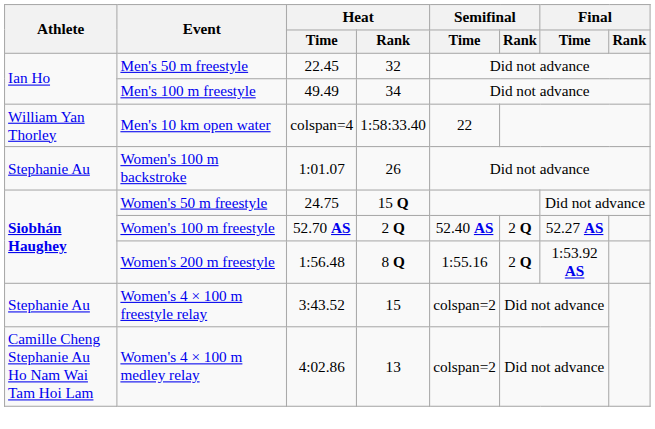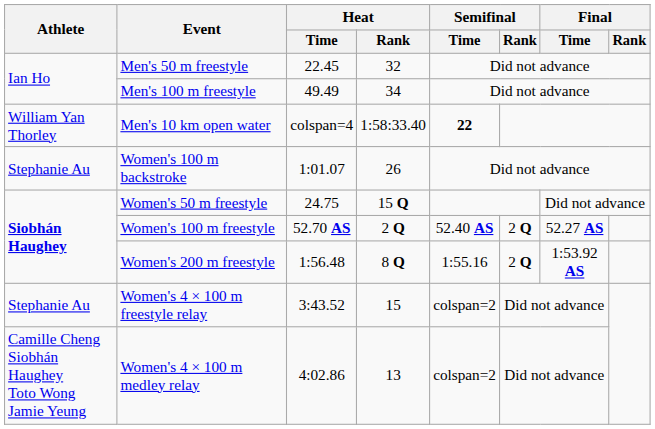 <table class=wikitable style="font-size:90%">
 <tr>
 <th rowspan="2">Athlete</th>
 <th rowspan="2">Event</th>
 <th colspan="2">Heat</th>
 <th colspan="2">Semifinal</th>
 <th colspan="2">Final</th>
 </tr>
 <tr style="font-size:95%">
 <th>Time</th>
 <th>Rank</th>
 <th>Time</th>
 <th>Rank</th>
 <th>Time</th>
 <th>Rank</th>
 </tr>
 <tr align=center>
 <td align=left rowspan=2><a href='#'>Ian Ho</a></td>
 <td align=left><a href='#'>Men's 50 m freestyle</a></td>
 <td>22.45</td>
 <td>32</td>
 <td colspan="4">Did not advance</td>
 </tr>
 <tr align=center>
 <td align=left><a href='#'>Men's 100 m freestyle</a></td>
 <td>49.49</td>
 <td>34</td>
 <td colspan="4">Did not advance</td>
 </tr>
 <tr align=center>
 <td align=left><a href='#'>William Yan Thorley</a></td>
 <td align=left><a href='#'>Men's 10 km open water</a></td>
 <td>colspan=4 </td>
 <td>1:58:33.40</td>
-<td>22</td>
+<td><strong>22</strong></td>
 </tr>
 <tr align=center>
 <td align=left><a href='#'>Stephanie Au</a></td>
 <td align=left><a href='#'>Women's 100 m backstroke</a></td>
 <td>1:01.07</td>
 <td>26</td>
 <td colspan="4">Did not advance</td>
 </tr>
 <tr align=center>
 <td align=left rowspan=3><strong><a href='#'>Siobhán Haughey</a></strong></td>
 <td align=left><a href='#'>Women's 50 m freestyle</a></td>
 <td>24.75</td>
 <td>15 <strong>Q</strong></td>
 <td colspan=2></td>
 <td colspan="2">Did not advance</td>
 </tr>
 <tr align=center>
 <td align=left><a href='#'>Women's 100 m freestyle</a></td>
 <td>52.70 <strong><a href='#'>AS</a></strong></td>
 <td>2 <strong>Q</strong></td>
 <td>52.40 <strong><a href='#'>AS</a></strong></td>
 <td>2 <strong>Q</strong></td>
 <td>52.27 <strong><a href='#'>AS</a></strong></td>
 <td></td>
 </tr>
 <tr align=center>
 <td align=left><a href='#'>Women's 200 m freestyle</a></td>
 <td>1:56.48</td>
 <td>8 <strong>Q</strong></td>
 <td>1:55.16</td>
 <td>2 <strong>Q</strong></td>
 <td>1:53.92 <strong><a href='#'>AS</a></strong></td>
 <td></td>
 </tr>
 <tr align=center>
 <td align=left><a href='#'>Stephanie Au</a></td>
 <td align=left><a href='#'>Women's 4 × 100 m freestyle relay</a></td>
 <td>3:43.52</td>
 <td>15</td>
 <td>colspan=2 </td>
 <td colspan=2>Did not advance</td>
 </tr>
 <tr align=center>
-<td align=left><a href='#'>Camille Cheng</a><br><a href='#'>Stephanie Au</a><br><a href='#'>Ho Nam Wai</a><br><a href='#'>Tam Hoi Lam</a></td>
+<td align=left><a href='#'>Camille Cheng</a><br><a href='#'>Siobhán Haughey</a><br><a href='#'>Toto Wong</a><br><a href='#'>Jamie Yeung</a></td>
 <td align=left><a href='#'>Women's 4 × 100 m medley relay</a></td>
 <td>4:02.86</td>
 <td>13</td>
 <td>colspan=2 </td>
 <td colspan="2">Did not advance</td>
 </tr>
 </table>
